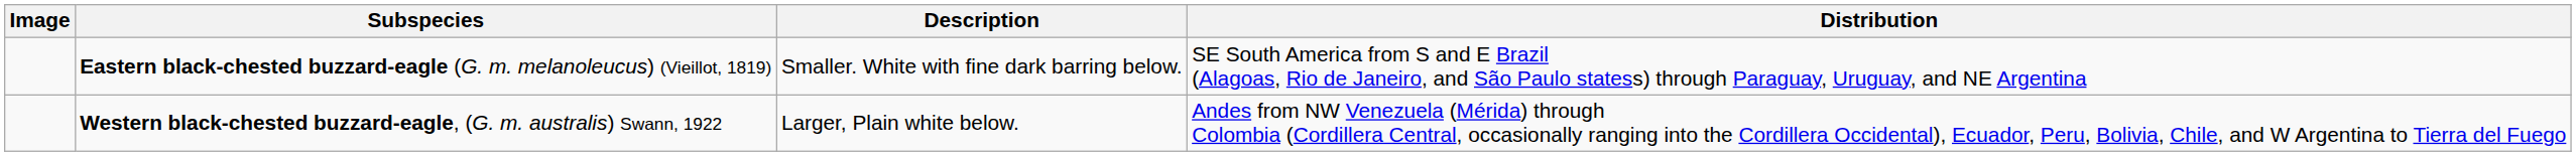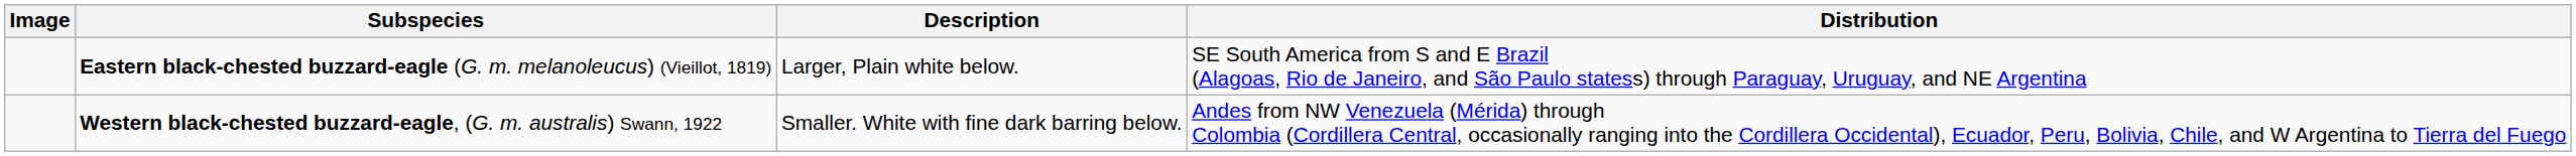 <table class="wikitable ">
 <tr>
 <th>Image</th>
 <th>Subspecies</th>
 <th>Description</th>
 <th>Distribution</th>
 </tr>
 <tr>
 <td></td>
 <td><strong>Eastern black-chested buzzard-eagle</strong> (<em>G. m. melanoleucus</em>) <small>(Vieillot, 1819)</small></td>
-<td>Smaller. White with fine dark barring below.</td>
+<td>Larger, Plain white below.</td>
 <td>SE South America from S and E <a href='#'>Brazil</a><br>(<a href='#'>Alagoas</a>, <a href='#'>Rio de Janeiro</a>, and <a href='#'>São Paulo states</a>s) through <a href='#'>Paraguay</a>, <a href='#'>Uruguay</a>, and NE <a href='#'>Argentina</a></td>
 </tr>
 <tr>
 <td></td>
 <td><strong>Western black-chested buzzard-eagle</strong>, (<em>G. m. australis</em>) <small>Swann, 1922</small></td>
-<td>Larger, Plain white below.</td>
+<td>Smaller. White with fine dark barring below.</td>
 <td><a href='#'>Andes</a> from NW <a href='#'>Venezuela</a> (<a href='#'>Mérida</a>) through<br><a href='#'>Colombia</a> (<a href='#'>Cordillera Central</a>, occasionally ranging into the <a href='#'>Cordillera Occidental</a>), <a href='#'>Ecuador</a>, <a href='#'>Peru</a>, <a href='#'>Bolivia</a>, <a href='#'>Chile</a>, and W Argentina to <a href='#'>Tierra del Fuego</a></td>
 </tr>
 </table>
